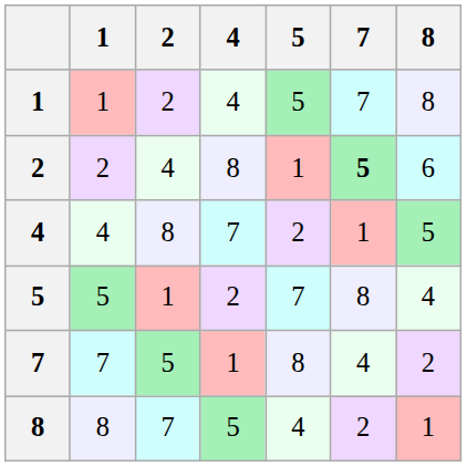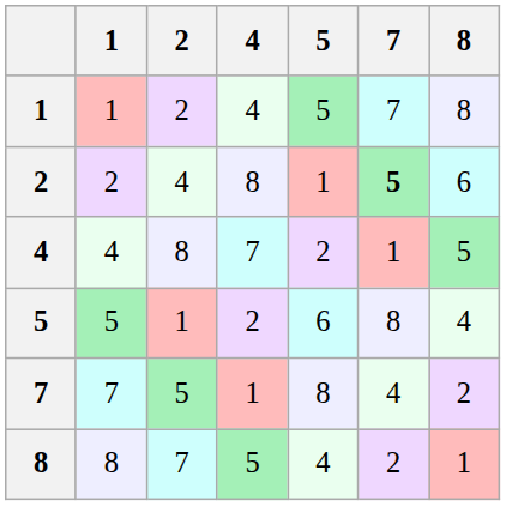 <table class="wikitable" style="text-align:center; width:270px; height:270px" border="1">
 <tr>
 <th></th>
 <th>1</th>
 <th>2</th>
 <th>4</th>
 <th>5</th>
 <th>7</th>
 <th>8</th>
 </tr>
 <tr>
 <th>1</th>
 <td style="background-color:#fbb">1</td>
 <td style="background-color:#EFD7FF">2</td>
 <td style="background-color:#EAFFEF">4</td>
 <td style="background-color:#A4F0B7">5</td>
 <td style="background-color:#CEFFFD">7</td>
 <td style="background-color:#EEEEFF">8</td>
 </tr>
 <tr>
 <th>2</th>
 <td style="background-color:#EFD7FF">2</td>
 <td style="background-color:#EAFFEF">4</td>
 <td style="background-color:#EEEEFF">8</td>
 <td style="background-color:#fbb">1</td>
 <td style="background-color:#A4F0B7"><strong>5</strong></td>
 <td style="background-color:#CEFFFD">6</td>
 </tr>
 <tr>
 <th>4</th>
 <td style="background-color:#EAFFEF">4</td>
 <td style="background-color:#EEEEFF">8</td>
 <td style="background-color:#CEFFFD">7</td>
 <td style="background-color:#EFD7FF">2</td>
 <td style="background-color:#fbb">1</td>
 <td style="background-color:#A4F0B7">5</td>
 </tr>
 <tr>
 <th>5</th>
 <td style="background-color:#A4F0B7">5</td>
 <td style="background-color:#fbb">1</td>
 <td style="background-color:#EFD7FF">2</td>
-<td style="background-color:#CEFFFD">7</td>
+<td style="background-color:#CEFFFD">6</td>
 <td style="background-color:#EEEEFF">8</td>
 <td style="background-color:#EAFFEF">4</td>
 </tr>
 <tr>
 <th>7</th>
 <td style="background-color:#CEFFFD">7</td>
 <td style="background-color:#A4F0B7">5</td>
 <td style="background-color:#fbb">1</td>
 <td style="background-color:#EEEEFF">8</td>
 <td style="background-color:#EAFFEF">4</td>
 <td style="background-color:#EFD7FF">2</td>
 </tr>
 <tr>
 <th>8</th>
 <td style="background-color:#EEEEFF">8</td>
 <td style="background-color:#CEFFFD">7</td>
 <td style="background-color:#A4F0B7">5</td>
 <td style="background-color:#EAFFEF">4</td>
 <td style="background-color:#EFD7FF">2</td>
 <td style="background-color:#fbb">1</td>
 </tr>
 </table>
